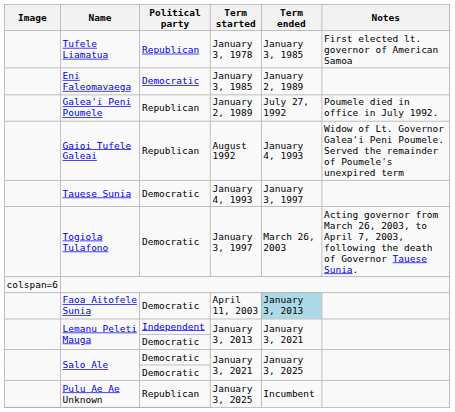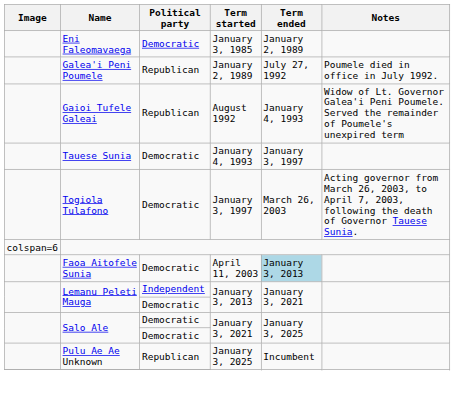 <table class="wikitable">
 <tr>
 <th>Image</th>
 <th>Name</th>
 <th>Political party</th>
 <th>Term started</th>
 <th>Term ended</th>
 <th>Notes</th>
-</tr>
-<tr>
-<td></td>
-<td><a href='#'>Tufele Liamatua</a><br></td>
-<td><a href='#'>Republican</a></td>
-<td>January 3, 1978</td>
-<td>January 3, 1985</td>
-<td>First elected lt. governor of American Samoa</td>
 </tr>
 <tr>
 <td></td>
 <td><a href='#'>Eni Faleomavaega</a><br></td>
 <td><a href='#'>Democratic</a></td>
 <td>January 3, 1985</td>
 <td>January 2, 1989</td>
 <td></td>
 </tr>
 <tr>
 <td></td>
 <td><a href='#'>Galea'i Peni Poumele</a><br></td>
 <td>Republican</td>
 <td>January 2, 1989</td>
 <td>July 27, 1992</td>
 <td>Poumele died in office in July 1992.</td>
 </tr>
 <tr>
 <td></td>
 <td><a href='#'>Gaioi Tufele Galeai</a></td>
 <td>Republican</td>
 <td>August 1992</td>
 <td>January 4, 1993</td>
 <td>Widow of Lt. Governor Galea'i Peni Poumele. Served the remainder of Poumele's unexpired term</td>
 </tr>
 <tr>
 <td></td>
 <td><a href='#'>Tauese Sunia</a><br></td>
 <td>Democratic</td>
 <td>January 4, 1993</td>
 <td>January 3, 1997</td>
 <td></td>
 </tr>
 <tr>
 <td></td>
 <td><a href='#'>Togiola Tulafono</a><br></td>
 <td>Democratic</td>
 <td>January 3, 1997</td>
 <td>March 26, 2003</td>
 <td>Acting governor from March 26, 2003, to April 7, 2003, following the death of Governor <a href='#'>Tauese Sunia</a>.</td>
 </tr>
 <tr>
 <td>colspan=6 </td>
 </tr>
 <tr>
 <td></td>
 <td><a href='#'>Faoa Aitofele Sunia</a><br></td>
 <td>Democratic</td>
 <td>April 11, 2003</td>
 <td style="background: lightblue;">January 3, 2013</td>
 <td></td>
 </tr>
 <tr>
 <td rowspan=2></td>
 <td rowspan=2><a href='#'>Lemanu Peleti Mauga</a><br></td>
 <td><a href='#'>Independent</a></td>
 <td rowspan=2>January 3, 2013</td>
 <td rowspan=2>January 3, 2021</td>
 <td rowspan=2></td>
 </tr>
 <tr>
 <td>Democratic</td>
 </tr>
 <tr>
 <td rowspan=2></td>
 <td rowspan=2><a href='#'>Salo Ale</a><br></td>
 <td>Democratic</td>
 <td rowspan=2>January 3, 2021</td>
 <td rowspan=2>January 3, 2025</td>
 <td rowspan=2></td>
 </tr>
 <tr>
 <td>Democratic</td>
 </tr>
 <tr>
 <td></td>
 <td><a href='#'>Pulu Ae Ae</a><br>Unknown</td>
 <td>Republican</td>
 <td rowspan=2>January 3, 2025</td>
 <td rowspan=2>Incumbent</td>
 <td rowspan=2></td>
 </tr>
 <tr>
 </tr>
 </table>
